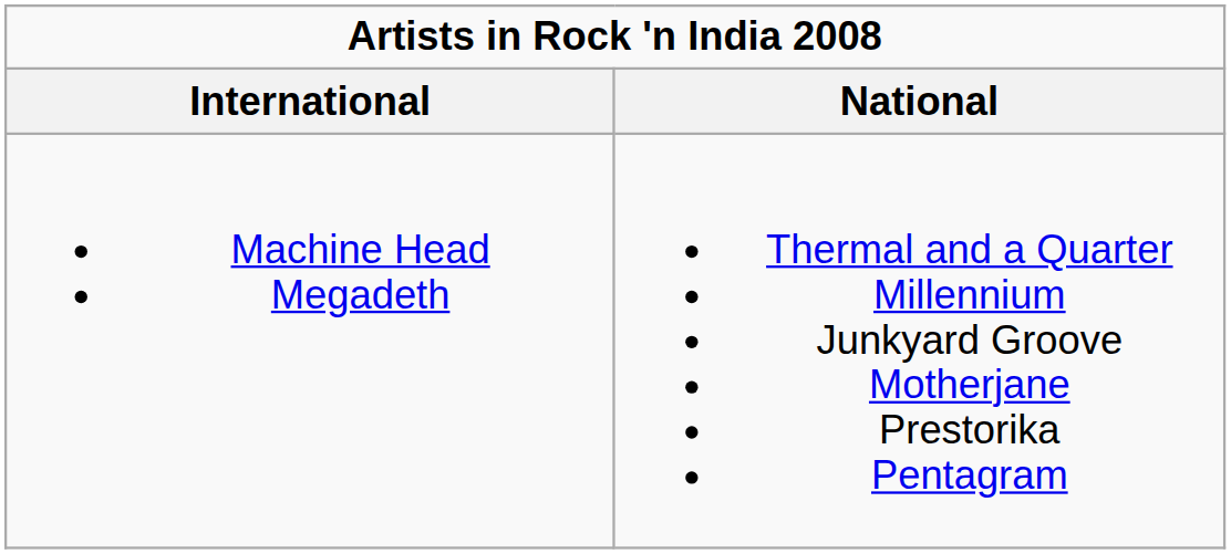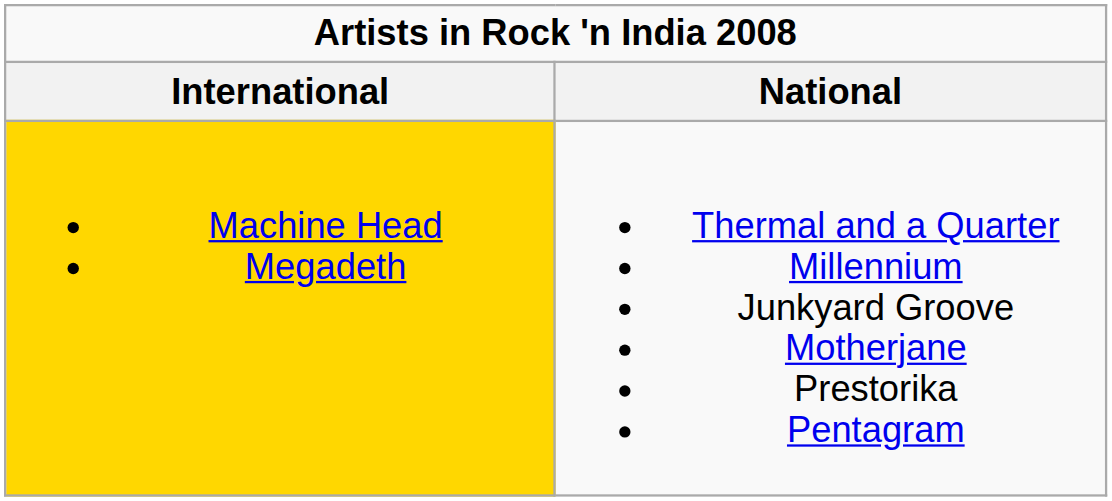 <table class="wikitable">
 <tr>
 <td colspan="3" align="center"><strong>Artists in Rock 'n India 2008</strong></td>
 </tr>
 <tr>
 <th>International</th>
 <th>National</th>
 </tr>
 <tr>
-<td valign="top" align="center" width=235><br><ul><li><a href='#'>Machine Head</a></li><li><a href='#'>Megadeth</a></li></ul></td>
+<td valign="top" align="center" width=235 style="background: gold;"><br><ul><li><a href='#'>Machine Head</a></li><li><a href='#'>Megadeth</a></li></ul></td>
 <td valign="top" align="center" width=235><br><ul><li><a href='#'>Thermal and a Quarter</a></li><li><a href='#'>Millennium</a></li><li>Junkyard Groove</li><li><a href='#'>Motherjane</a></li><li>Prestorika</li><li><a href='#'>Pentagram</a></li></ul></td>
 </tr>
 </table>
